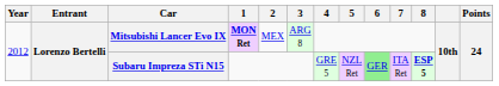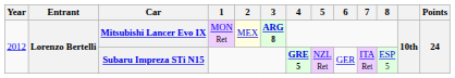 <table class="wikitable" border="1" style="text-align:center; font-size:85%;">
 <tr>
 <th>Year</th>
 <th>Entrant</th>
 <th>Car</th>
 <th>1</th>
 <th>2</th>
 <th>3</th>
 <th>4</th>
 <th>5</th>
 <th>6</th>
 <th>7</th>
 <th>8</th>
 <th></th>
 <th>Points</th>
 </tr>
 <tr>
 <td rowspan=2><a href='#'>2012</a></td>
 <th rowspan=2 nowrap>Lorenzo Bertelli</th>
 <th nowrap><a href='#'>Mitsubishi Lancer Evo IX</a></th>
-<td style="background:#EFCFFF;"><strong><a href='#'>MON</a><br><small>Ret</small></strong></td>
-<td><a href='#'>MEX</a></td>
-<td style="background:#DFFFDF;"><a href='#'>ARG</a><br><small>8</small></td>
+<td style="background:#EFCFFF;"><a href='#'>MON</a><br><small>Ret</small></td>
+<td style="background: lightyellow;"><a href='#'>MEX</a></td>
+<td style="background:#DFFFDF;"><strong><a href='#'>ARG</a><br><small>8</small></strong></td>
 <td colspan=5></td>
 <th rowspan=2>10th</th>
 <th rowspan=2>24</th>
 </tr>
 <tr>
 <th nowrap><a href='#'>Subaru Impreza STi N15</a></th>
 <td colspan=3></td>
-<td style="background:#DFFFDF;"><a href='#'>GRE</a><br><small>5</small></td>
+<td style="background:#DFFFDF;"><strong><a href='#'>GRE</a><br><small>5</small></strong></td>
 <td style="background:#EFCFFF;"><a href='#'>NZL</a><br><small>Ret</small></td>
-<td style="background: lightgreen;"><a href='#'>GER</a></td>
+<td><a href='#'>GER</a></td>
 <td style="background:#EFCFFF;"><a href='#'>ITA</a><br><small>Ret</small></td>
-<td style="background:#DFFFDF;"><strong><a href='#'>ESP</a><br><small>5</small></strong></td>
+<td style="background:#DFFFDF;"><a href='#'>ESP</a><br><small>5</small></td>
 </tr>
 </table>
